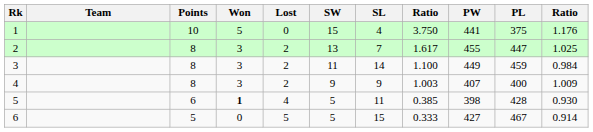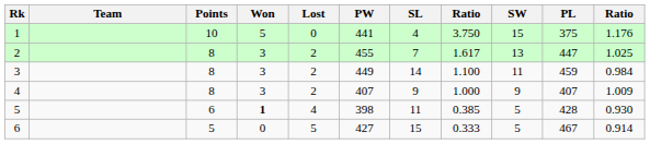 <table class=wikitable style=text-align:center>
 <tr>
 <th width=25>Rk</th>
 <th width=200>Team</th>
 <th width=60>Points</th>
 <th width=60>Won</th>
 <th width=60>Lost</th>
-<th width=60>SW</th>
+<th width=60>PW</th>
 <th width=60>SL</th>
 <th width=60>Ratio</th>
-<th width=60>PW</th>
+<th width=60>SW</th>
 <th width=60>PL</th>
 <th width=60>Ratio</th>
 </tr>
 <tr style="background: #CCFFCC">
 <td>1</td>
 <td align=left></td>
 <td>10</td>
 <td>5</td>
 <td>0</td>
-<td>15</td>
+<td>441</td>
 <td>4</td>
 <td>3.750</td>
-<td>441</td>
+<td>15</td>
 <td>375</td>
 <td>1.176</td>
 </tr>
 <tr style="background: #CCFFCC">
 <td>2</td>
 <td align=left></td>
 <td>8</td>
 <td>3</td>
 <td>2</td>
-<td>13</td>
+<td>455</td>
 <td>7</td>
 <td>1.617</td>
-<td>455</td>
+<td>13</td>
 <td>447</td>
 <td>1.025</td>
 </tr>
 <tr>
 <td>3</td>
 <td align=left></td>
 <td>8</td>
 <td>3</td>
 <td>2</td>
-<td>11</td>
+<td>449</td>
 <td>14</td>
 <td>1.100</td>
-<td>449</td>
+<td>11</td>
 <td>459</td>
 <td>0.984</td>
 </tr>
 <tr>
 <td>4</td>
 <td align=left></td>
 <td>8</td>
 <td>3</td>
 <td>2</td>
+<td>407</td>
 <td>9</td>
+<td>1.000</td>
 <td>9</td>
-<td>1.003</td>
 <td>407</td>
-<td>400</td>
 <td>1.009</td>
 </tr>
 <tr>
 <td>5</td>
 <td align=left></td>
 <td>6</td>
 <td><strong>1</strong></td>
 <td>4</td>
-<td>5</td>
+<td>398</td>
 <td>11</td>
 <td>0.385</td>
-<td>398</td>
+<td>5</td>
 <td>428</td>
 <td>0.930</td>
 </tr>
 <tr>
 <td>6</td>
 <td align=left></td>
 <td>5</td>
 <td>0</td>
 <td>5</td>
-<td>5</td>
+<td>427</td>
 <td>15</td>
 <td>0.333</td>
-<td>427</td>
+<td>5</td>
 <td>467</td>
 <td>0.914</td>
 </tr>
 </table>
